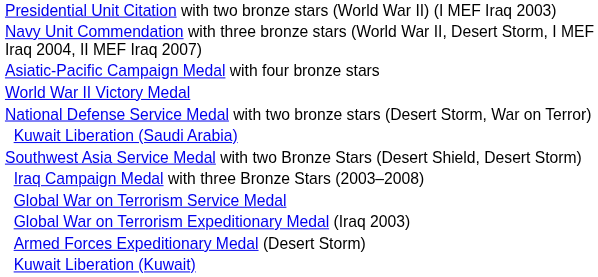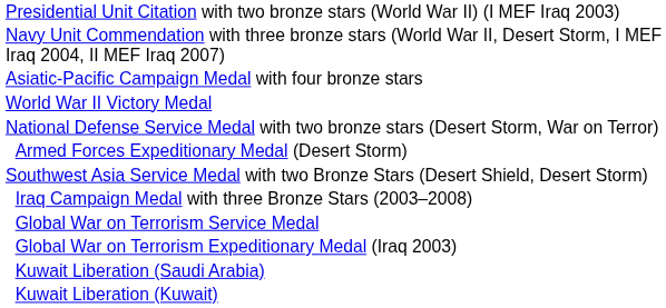 <table>
 <tr>
 <td>  <a href='#'>Presidential Unit Citation</a> with two bronze stars  (World War II) (I MEF Iraq 2003)</td>
 </tr>
 <tr>
 <td>  <a href='#'>Navy Unit Commendation</a> with three bronze stars (World War II, Desert Storm, I MEF Iraq 2004, II MEF Iraq 2007)</td>
 </tr>
 <tr>
 <td>  <a href='#'>Asiatic-Pacific Campaign Medal</a> with four bronze stars</td>
 </tr>
 <tr>
 <td>  <a href='#'>World War II Victory Medal</a></td>
 </tr>
 <tr>
 <td>  <a href='#'>National Defense Service Medal</a> with two bronze stars (Desert Storm, War on Terror)</td>
 </tr>
 <tr>
-<td>  <a href='#'>Kuwait Liberation (Saudi Arabia)</a></td>
+<td>  <a href='#'>Armed Forces Expeditionary Medal</a> (Desert Storm)</td>
 </tr>
 <tr>
 <td>  <a href='#'>Southwest Asia Service Medal</a> with two Bronze Stars (Desert Shield, Desert Storm)</td>
 </tr>
 <tr>
 <td>  <a href='#'>Iraq Campaign Medal</a> with three Bronze Stars (2003–2008)</td>
 </tr>
 <tr>
 <td>  <a href='#'>Global War on Terrorism Service Medal</a></td>
 </tr>
 <tr>
 <td>  <a href='#'>Global War on Terrorism Expeditionary Medal</a> (Iraq 2003)</td>
 </tr>
 <tr>
-<td>  <a href='#'>Armed Forces Expeditionary Medal</a> (Desert Storm)</td>
+<td>  <a href='#'>Kuwait Liberation (Saudi Arabia)</a></td>
 </tr>
 <tr>
 <td>  <a href='#'>Kuwait Liberation (Kuwait)</a></td>
 </tr>
 </table>
